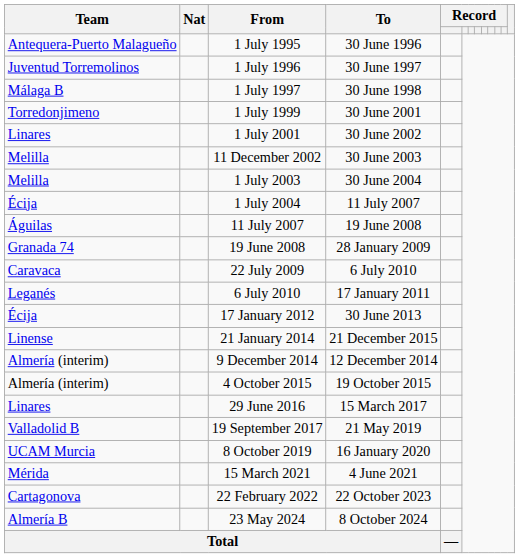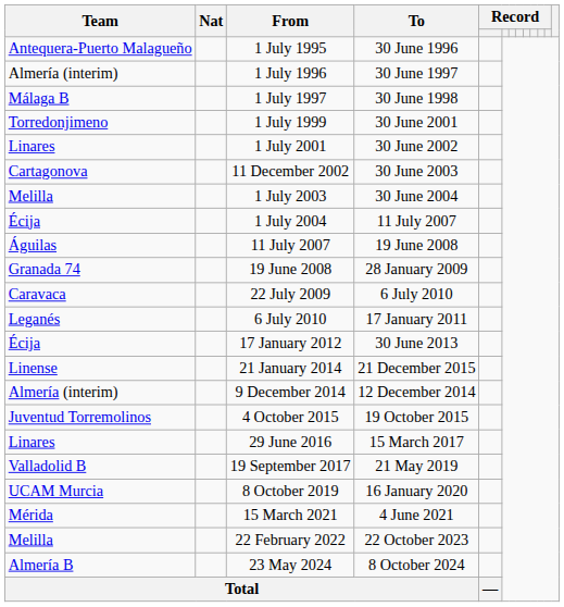 <table class="wikitable" style="text-align: center">
 <tr>
 <th rowspan="2">Team</th>
 <th rowspan="2">Nat</th>
 <th rowspan="2">From</th>
 <th rowspan="2">To</th>
 <th colspan="8">Record</th>
 <th rowspan=2></th>
 </tr>
 <tr>
 <th></th>
 <th></th>
 <th></th>
 <th></th>
 <th></th>
 <th></th>
 <th></th>
 <th></th>
 </tr>
 <tr>
 <td align="left"><a href='#'>Antequera-Puerto Malagueño</a></td>
 <td align="center"></td>
 <td align="center">1 July 1995</td>
 <td align="center">30 June 1996<br></td>
 <td></td>
 </tr>
 <tr>
-<td align="left"><a href='#'>Juventud Torremolinos</a></td>
+<td align="left">Almería (interim)</td>
 <td align="center"></td>
 <td align="center">1 July 1996</td>
 <td align="center">30 June 1997<br></td>
 <td></td>
 </tr>
 <tr>
 <td align="left"><a href='#'>Málaga B</a></td>
 <td align="center"></td>
 <td align="center">1 July 1997</td>
 <td align="center">30 June 1998<br></td>
 <td></td>
 </tr>
 <tr>
 <td align="left"><a href='#'>Torredonjimeno</a></td>
 <td align="center"></td>
 <td align="center">1 July 1999</td>
 <td align="center">30 June 2001<br></td>
 <td></td>
 </tr>
 <tr>
 <td align="left"><a href='#'>Linares</a></td>
 <td align="center"></td>
 <td align="center">1 July 2001</td>
 <td align="center">30 June 2002<br></td>
 <td></td>
 </tr>
 <tr>
-<td align="left"><a href='#'>Melilla</a></td>
+<td align="left"><a href='#'>Cartagonova</a></td>
 <td align="center"></td>
 <td align="center">11 December 2002</td>
 <td align="center">30 June 2003<br></td>
 <td></td>
 </tr>
 <tr>
 <td align="left"><a href='#'>Melilla</a></td>
 <td align="center"></td>
 <td align="center">1 July 2003</td>
 <td align="center">30 June 2004<br></td>
 <td></td>
 </tr>
 <tr>
 <td align="left"><a href='#'>Écija</a></td>
 <td align="center"></td>
 <td align="center">1 July 2004</td>
 <td align="center">11 July 2007<br></td>
 <td></td>
 </tr>
 <tr>
 <td align="left"><a href='#'>Águilas</a></td>
 <td align="center"></td>
 <td align="center">11 July 2007</td>
 <td align="center">19 June 2008<br></td>
 <td></td>
 </tr>
 <tr>
 <td align="left"><a href='#'>Granada 74</a></td>
 <td align="center"></td>
 <td align="center">19 June 2008</td>
 <td align="center">28 January 2009<br></td>
 <td></td>
 </tr>
 <tr>
 <td align="left"><a href='#'>Caravaca</a></td>
 <td align="center"></td>
 <td align="center">22 July 2009</td>
 <td align="center">6 July 2010<br></td>
 <td></td>
 </tr>
 <tr>
 <td align="left"><a href='#'>Leganés</a></td>
 <td align="center"></td>
 <td align="center">6 July 2010</td>
 <td align="center">17 January 2011<br></td>
 <td></td>
 </tr>
 <tr>
 <td align="left"><a href='#'>Écija</a></td>
 <td align="center"></td>
 <td align="center">17 January 2012</td>
 <td align="center">30 June 2013<br></td>
 <td></td>
 </tr>
 <tr>
 <td align="left"><a href='#'>Linense</a></td>
 <td align="center"></td>
 <td align="center">21 January 2014</td>
 <td align="center">21 December 2015<br></td>
 <td></td>
 </tr>
 <tr>
 <td align="left"><a href='#'>Almería</a> (interim)</td>
 <td align="center"></td>
 <td align="center">9 December 2014</td>
 <td align="center">12 December 2014<br></td>
 <td></td>
 </tr>
 <tr>
-<td align="left">Almería (interim)</td>
+<td align="left"><a href='#'>Juventud Torremolinos</a></td>
 <td align="center"></td>
 <td align="center">4 October 2015</td>
 <td align="center">19 October 2015<br></td>
 <td></td>
 </tr>
 <tr>
 <td align="left"><a href='#'>Linares</a></td>
 <td align="center"></td>
 <td align="center">29 June 2016</td>
 <td align="center">15 March 2017<br></td>
 <td></td>
 </tr>
 <tr>
 <td align="left"><a href='#'>Valladolid B</a></td>
 <td align="center"></td>
 <td align="center">19 September 2017</td>
 <td align="center">21 May 2019<br></td>
 <td></td>
 </tr>
 <tr>
 <td align="left"><a href='#'>UCAM Murcia</a></td>
 <td align="center"></td>
 <td align="center">8 October 2019</td>
 <td align="center">16 January 2020<br></td>
 <td></td>
 </tr>
 <tr>
 <td align="left"><a href='#'>Mérida</a></td>
 <td align="center"></td>
 <td align="center">15 March 2021</td>
 <td align="center">4 June 2021<br></td>
 <td></td>
 </tr>
 <tr>
-<td align="left"><a href='#'>Cartagonova</a></td>
+<td align="left"><a href='#'>Melilla</a></td>
 <td align="center"></td>
 <td align="center">22 February 2022</td>
 <td align="center">22 October 2023<br></td>
 <td></td>
 </tr>
 <tr>
 <td align="left"><a href='#'>Almería B</a></td>
 <td align="center"></td>
 <td align="center">23 May 2024</td>
 <td align="center">8 October 2024<br></td>
 <td></td>
 </tr>
 <tr>
 <th colspan="4">Total<br></th>
 <th>—</th>
 </tr>
 </table>
